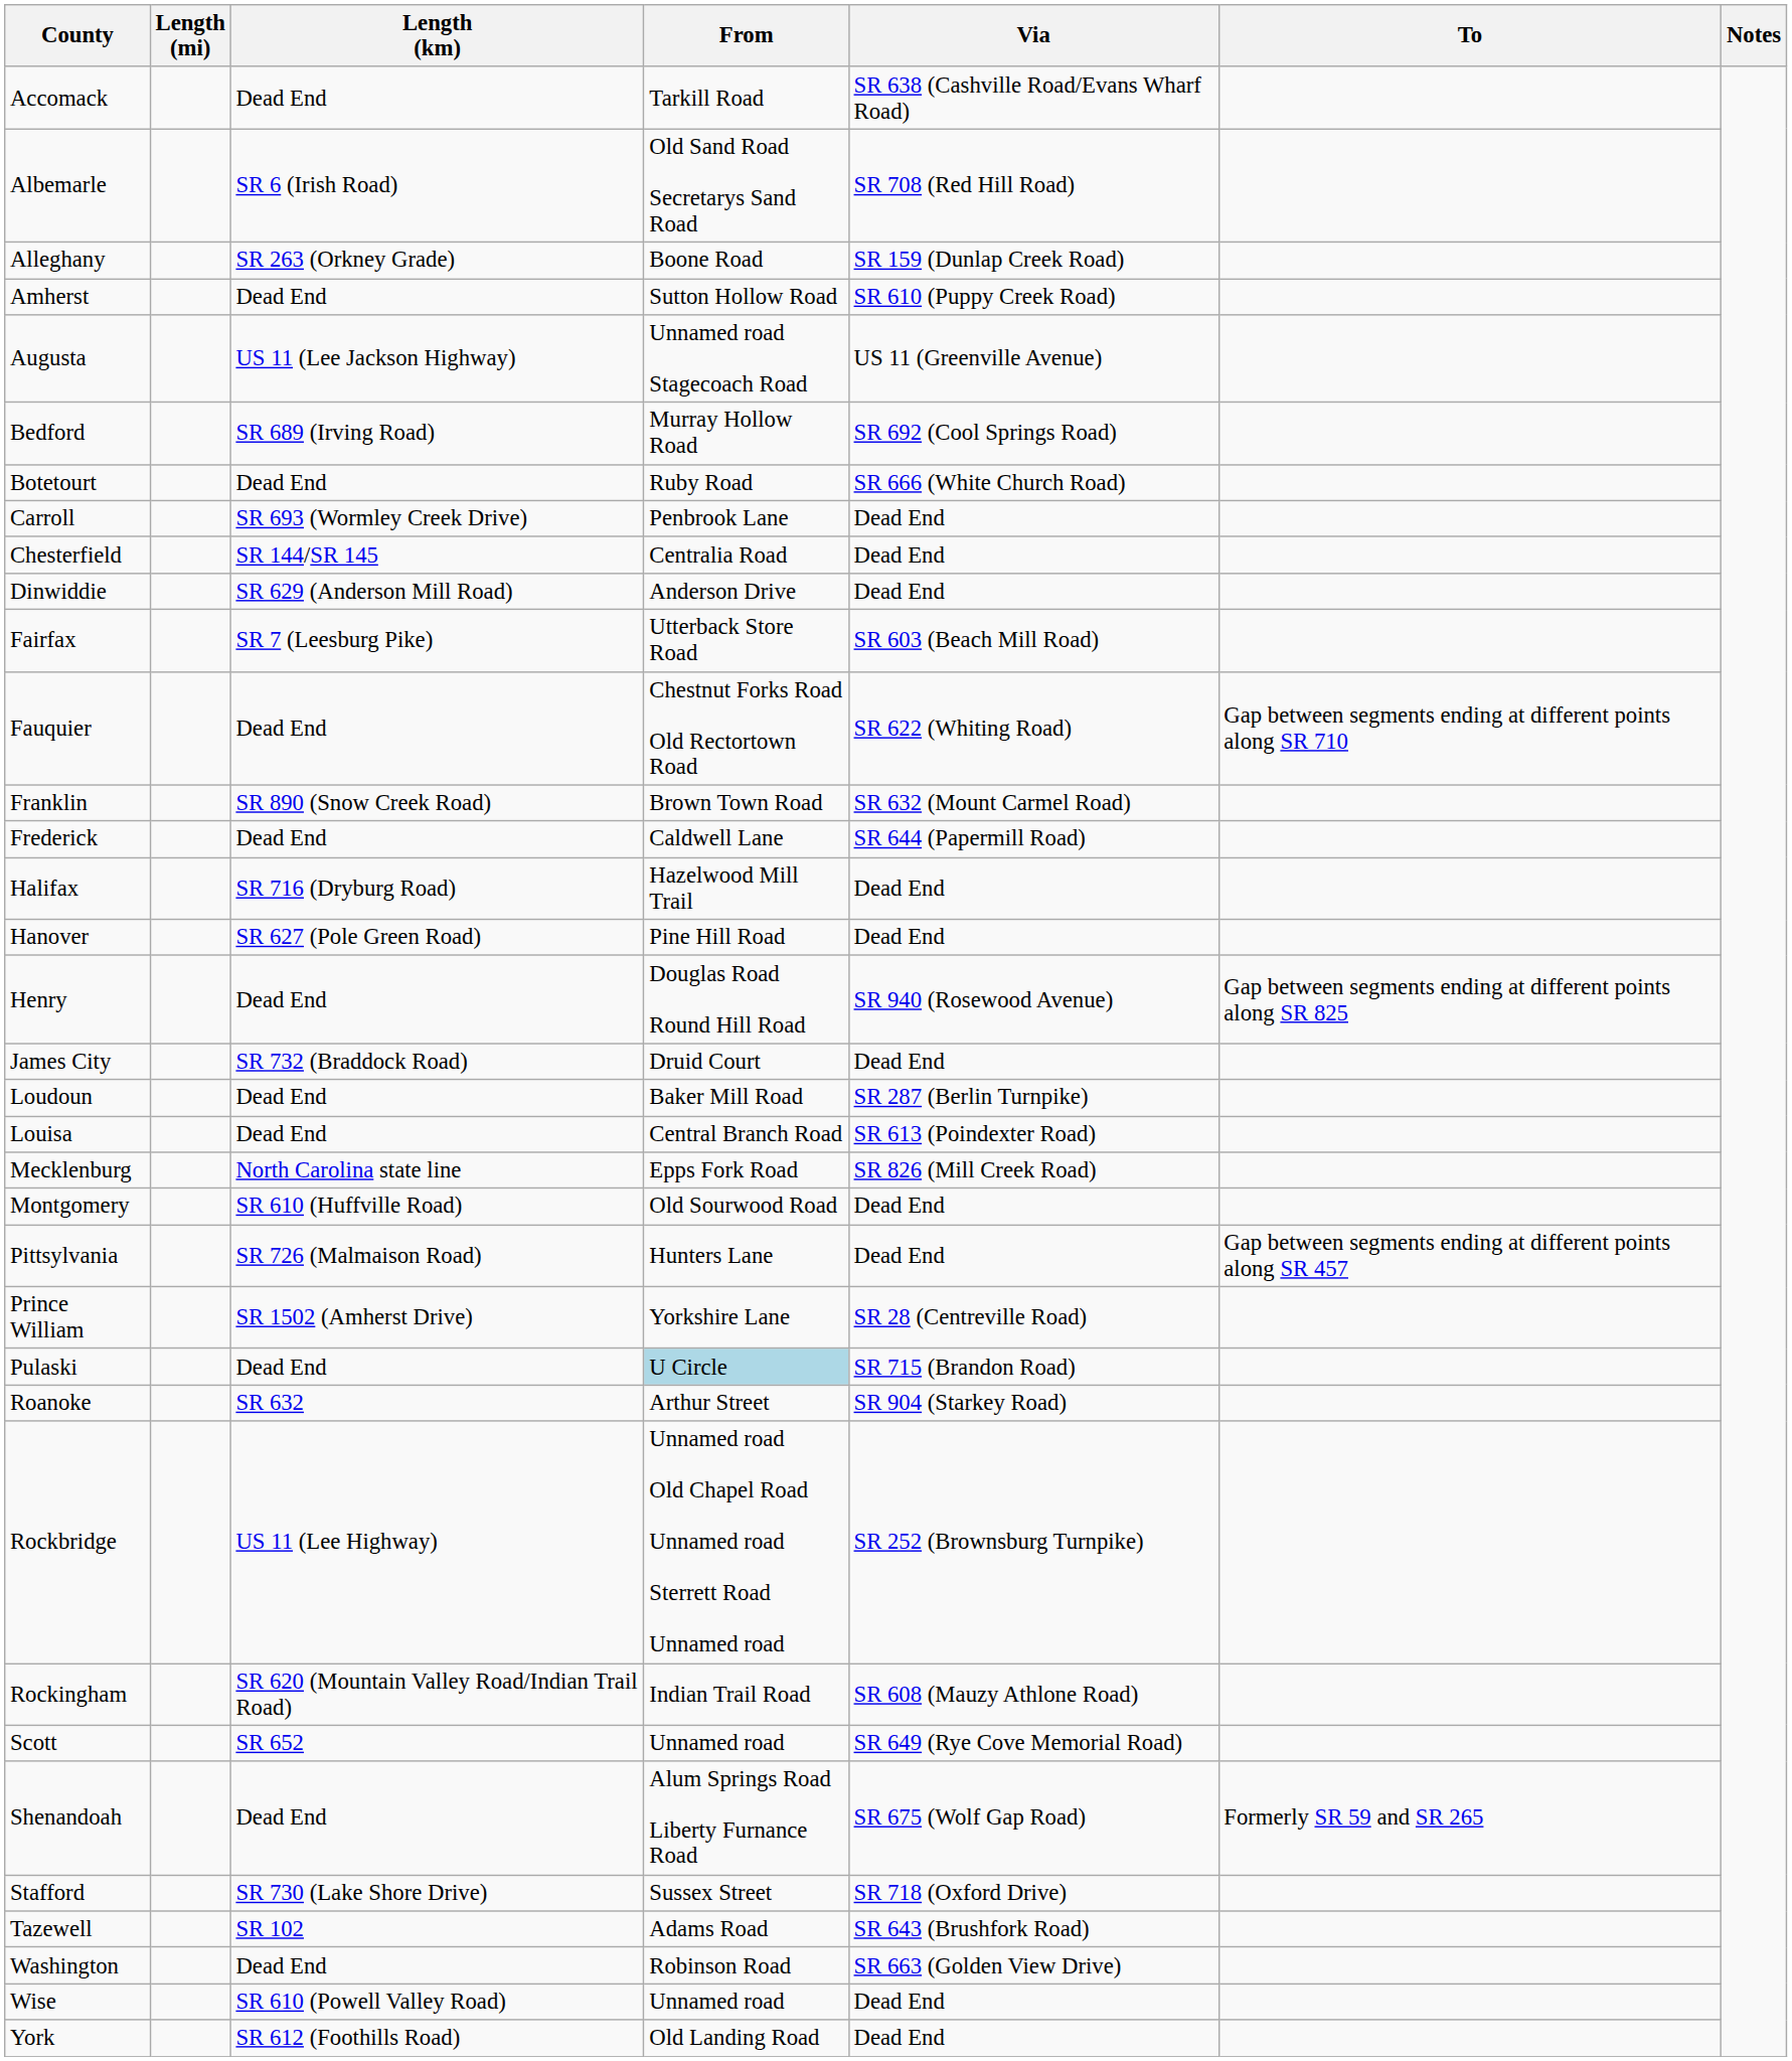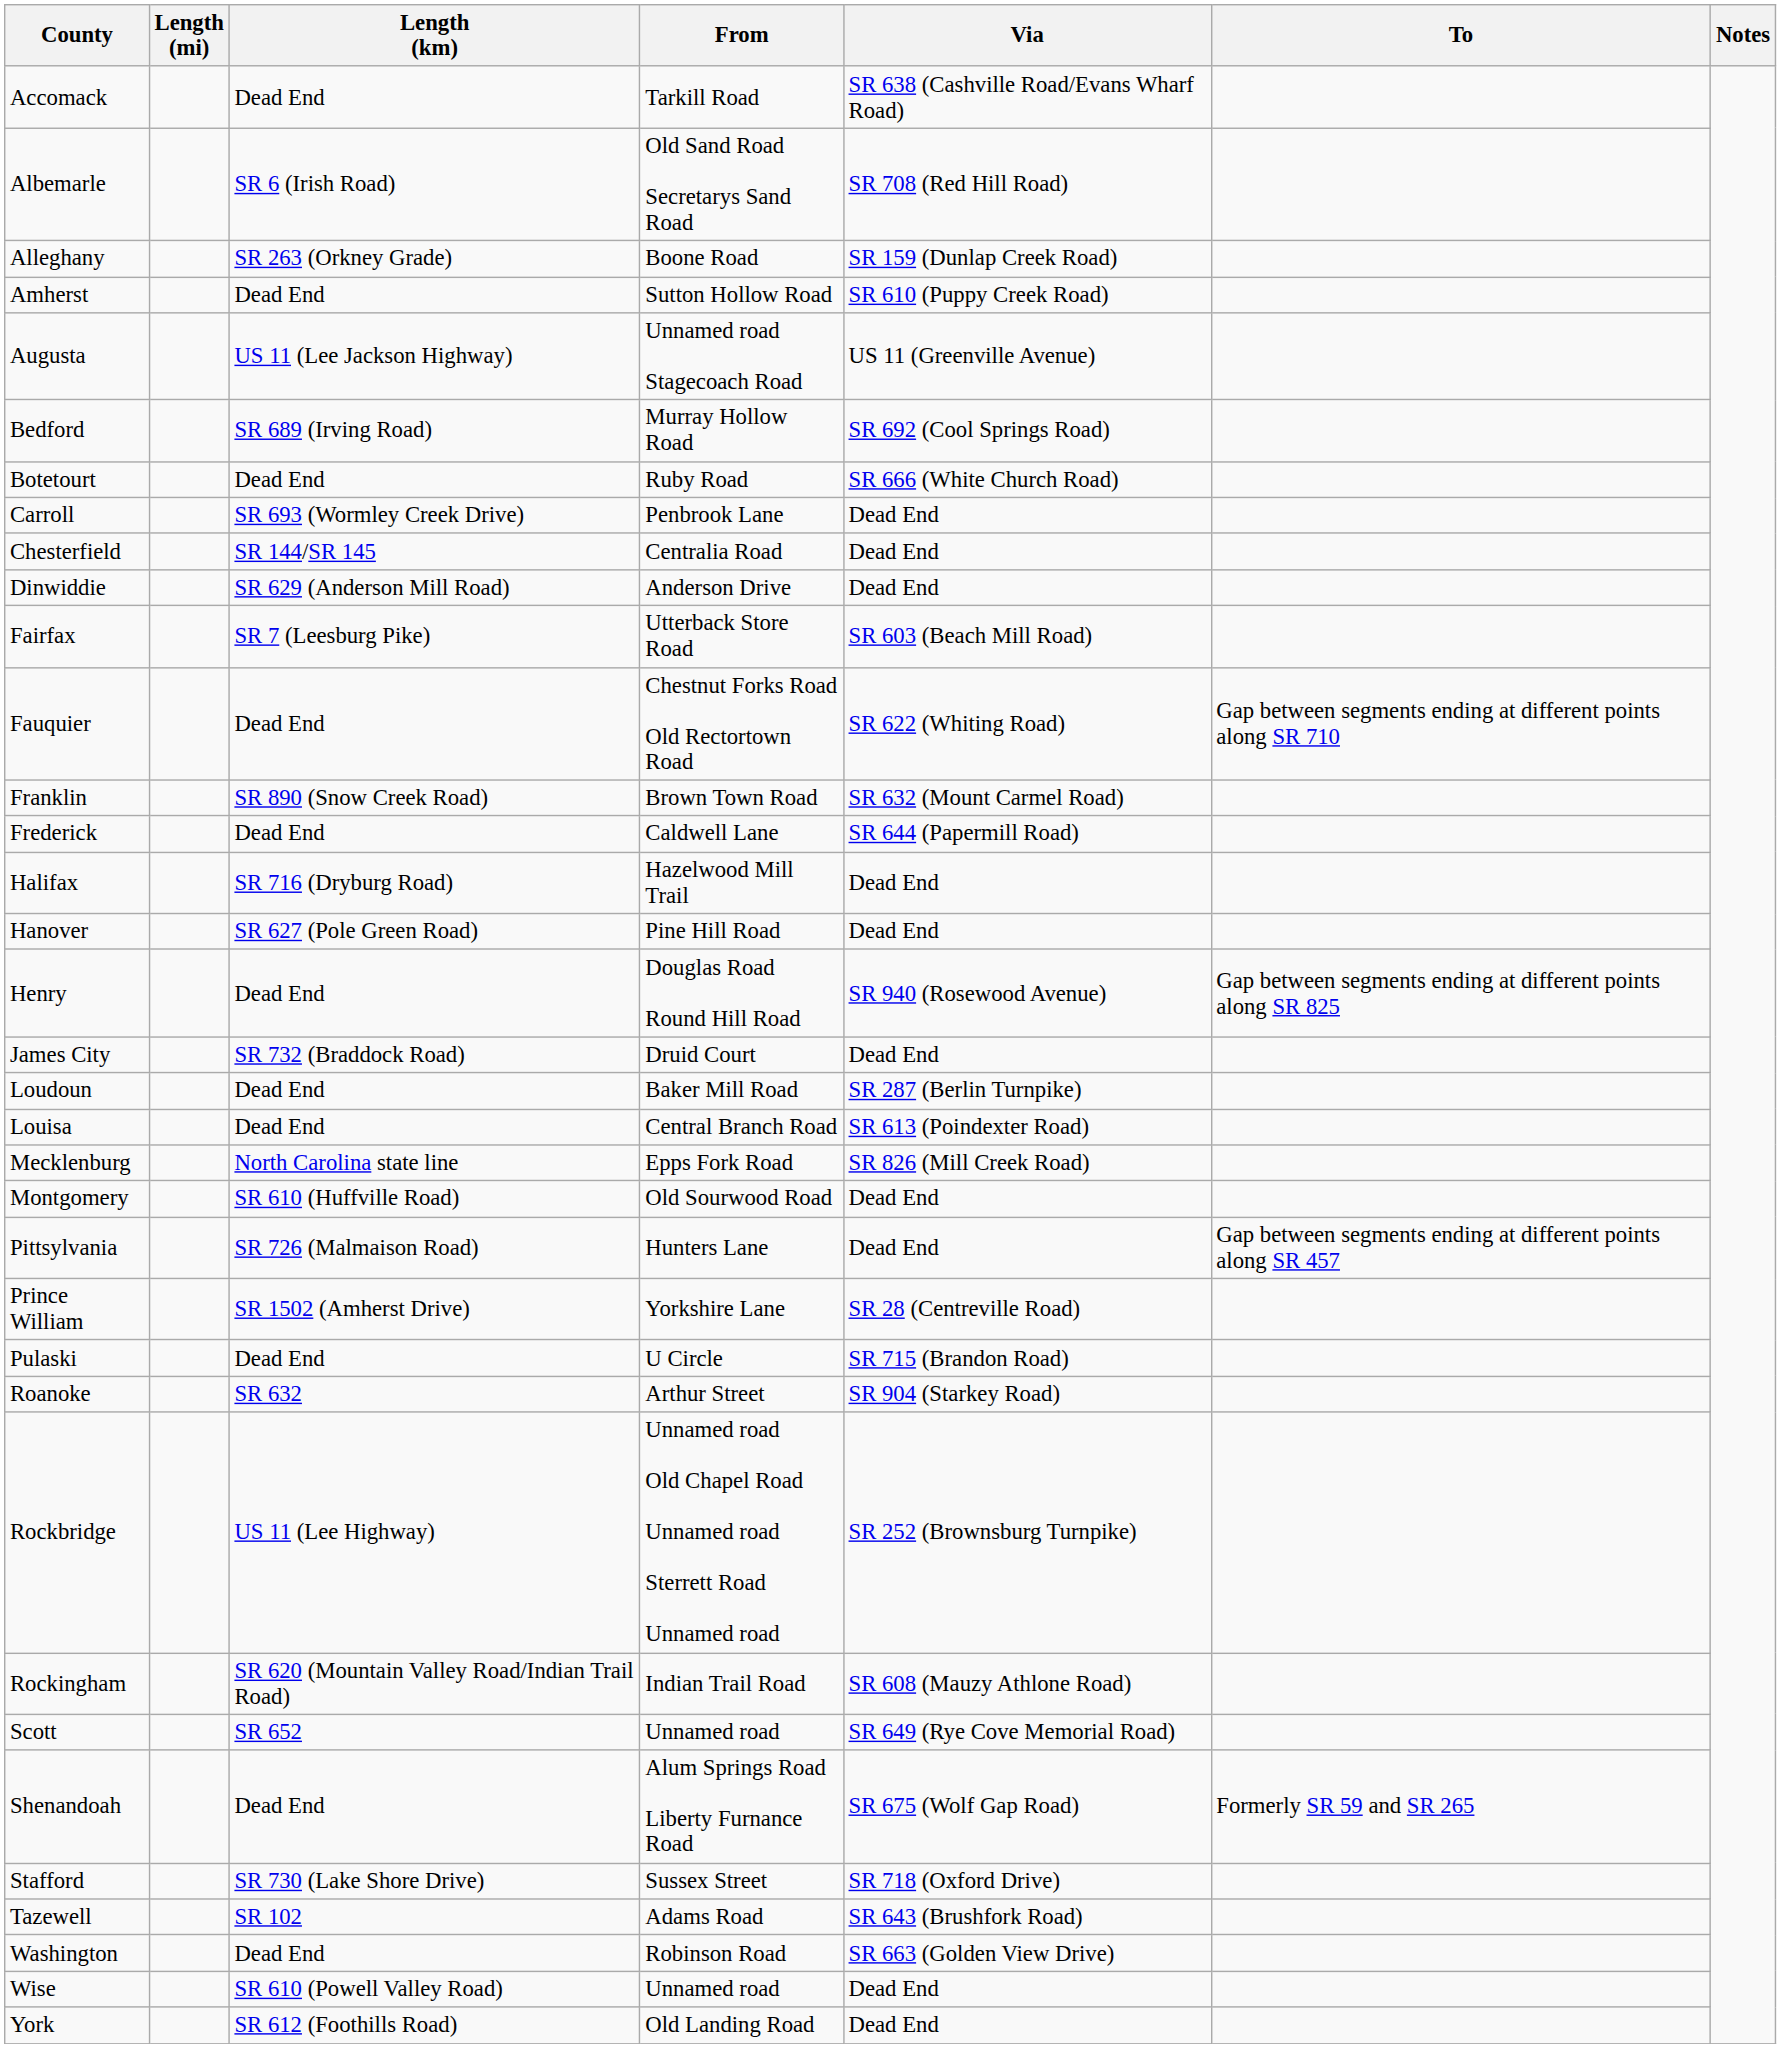 <table class="wikitable sortable">
 <tr>
 <th>County</th>
 <th>Length<br>(mi)</th>
 <th>Length<br>(km)</th>
 <th class="unsortable">From</th>
 <th class="unsortable">Via</th>
 <th class="unsortable">To</th>
 <th class="unsortable">Notes</th>
 </tr>
 <tr>
 <td id="Accomack">Accomack</td>
 <td></td>
 <td>Dead End</td>
 <td>Tarkill Road</td>
 <td><a href='#'>SR 638</a> (Cashville Road/Evans Wharf Road)</td>
 <td></td>
 </tr>
 <tr>
 <td id="Albemarle">Albemarle</td>
 <td></td>
 <td><a href='#'>SR 6</a> (Irish Road)</td>
 <td>Old Sand Road<br><br>Secretarys Sand Road</td>
 <td><a href='#'>SR 708</a> (Red Hill Road)</td>
 <td></td>
 </tr>
 <tr>
 <td id="Alleghany">Alleghany</td>
 <td></td>
 <td><a href='#'>SR 263</a> (Orkney Grade)</td>
 <td>Boone Road</td>
 <td><a href='#'>SR 159</a> (Dunlap Creek Road)</td>
 <td><br></td>
 </tr>
 <tr>
 <td id="Amherst">Amherst</td>
 <td></td>
 <td>Dead End</td>
 <td>Sutton Hollow Road</td>
 <td><a href='#'>SR 610</a> (Puppy Creek Road)</td>
 <td><br> </td>
 </tr>
 <tr>
 <td id="Augusta">Augusta</td>
 <td></td>
 <td><a href='#'>US 11</a> (Lee Jackson Highway)</td>
 <td>Unnamed road<br><br>Stagecoach Road</td>
 <td>US 11 (Greenville Avenue)</td>
 <td><br></td>
 </tr>
 <tr>
 <td id="Bedford">Bedford</td>
 <td></td>
 <td><a href='#'>SR 689</a> (Irving Road)</td>
 <td>Murray Hollow Road</td>
 <td><a href='#'>SR 692</a> (Cool Springs Road)</td>
 <td><br></td>
 </tr>
 <tr>
 <td id="Botetourt">Botetourt</td>
 <td></td>
 <td>Dead End</td>
 <td>Ruby Road</td>
 <td><a href='#'>SR 666</a> (White Church Road)</td>
 <td><br>    </td>
 </tr>
 <tr>
 <td id="Carroll">Carroll</td>
 <td></td>
 <td><a href='#'>SR 693</a> (Wormley Creek Drive)</td>
 <td>Penbrook Lane</td>
 <td>Dead End</td>
 <td><br> </td>
 </tr>
 <tr>
 <td id="Chesterfield">Chesterfield</td>
 <td></td>
 <td><a href='#'>SR 144</a>/<a href='#'>SR 145</a></td>
 <td>Centralia Road</td>
 <td>Dead End</td>
 <td><br>    </td>
 </tr>
 <tr>
 <td id="Dinwiddie">Dinwiddie</td>
 <td></td>
 <td><a href='#'>SR 629</a> (Anderson Mill Road)</td>
 <td>Anderson Drive</td>
 <td>Dead End</td>
 <td><br></td>
 </tr>
 <tr>
 <td id="Fairfax">Fairfax</td>
 <td></td>
 <td><a href='#'>SR 7</a> (Leesburg Pike)</td>
 <td>Utterback Store Road</td>
 <td><a href='#'>SR 603</a> (Beach Mill Road)</td>
 <td></td>
 </tr>
 <tr>
 <td id="Fauquier">Fauquier</td>
 <td></td>
 <td>Dead End</td>
 <td>Chestnut Forks Road<br><br>Old Rectortown Road</td>
 <td><a href='#'>SR 622</a> (Whiting Road)</td>
 <td>Gap between segments ending at different points along <a href='#'>SR 710</a><br> </td>
 </tr>
 <tr>
 <td id="Franklin">Franklin</td>
 <td></td>
 <td><a href='#'>SR 890</a> (Snow Creek Road)</td>
 <td>Brown Town Road</td>
 <td><a href='#'>SR 632</a> (Mount Carmel Road)</td>
 <td></td>
 </tr>
 <tr>
 <td id="Frederick">Frederick</td>
 <td></td>
 <td>Dead End</td>
 <td>Caldwell Lane</td>
 <td><a href='#'>SR 644</a> (Papermill Road)</td>
 <td><br>     </td>
 </tr>
 <tr>
 <td id="Halifax">Halifax</td>
 <td></td>
 <td><a href='#'>SR 716</a> (Dryburg Road)</td>
 <td>Hazelwood Mill Trail</td>
 <td>Dead End</td>
 <td></td>
 </tr>
 <tr>
 <td id="Hanover">Hanover</td>
 <td></td>
 <td><a href='#'>SR 627</a> (Pole Green Road)</td>
 <td>Pine Hill Road</td>
 <td>Dead End</td>
 <td><br></td>
 </tr>
 <tr>
 <td id="Henry">Henry</td>
 <td></td>
 <td>Dead End</td>
 <td>Douglas Road<br><br>Round Hill Road</td>
 <td><a href='#'>SR 940</a> (Rosewood Avenue)</td>
 <td>Gap between segments ending at different points along <a href='#'>SR 825</a><br>  </td>
 </tr>
 <tr>
 <td id="James City">James City</td>
 <td></td>
 <td><a href='#'>SR 732</a> (Braddock Road)</td>
 <td>Druid Court</td>
 <td>Dead End</td>
 <td><br>    </td>
 </tr>
 <tr>
 <td id="Loudoun">Loudoun</td>
 <td></td>
 <td>Dead End</td>
 <td>Baker Mill Road</td>
 <td><a href='#'>SR 287</a> (Berlin Turnpike)</td>
 <td></td>
 </tr>
 <tr>
 <td id="Louisa">Louisa</td>
 <td></td>
 <td>Dead End</td>
 <td>Central Branch Road</td>
 <td><a href='#'>SR 613</a> (Poindexter Road)</td>
 <td><br>  </td>
 </tr>
 <tr>
 <td id="Mecklenburg">Mecklenburg</td>
 <td></td>
 <td><a href='#'>North Carolina</a> state line</td>
 <td>Epps Fork Road</td>
 <td><a href='#'>SR 826</a> (Mill Creek Road)</td>
 <td><br></td>
 </tr>
 <tr>
 <td id="Montgomery">Montgomery</td>
 <td></td>
 <td><a href='#'>SR 610</a> (Huffville Road)</td>
 <td>Old Sourwood Road</td>
 <td>Dead End</td>
 <td><br>       </td>
 </tr>
 <tr>
 <td id="Pittsylvania">Pittsylvania</td>
 <td></td>
 <td><a href='#'>SR 726</a> (Malmaison Road)</td>
 <td>Hunters Lane</td>
 <td>Dead End</td>
 <td>Gap between segments ending at different points along <a href='#'>SR 457</a><br> </td>
 </tr>
 <tr>
 <td id="Prince William">Prince William</td>
 <td></td>
 <td><a href='#'>SR 1502</a> (Amherst Drive)</td>
 <td>Yorkshire Lane</td>
 <td><a href='#'>SR 28</a> (Centreville Road)</td>
 <td></td>
 </tr>
 <tr>
 <td id="Pulaski">Pulaski</td>
 <td></td>
 <td>Dead End</td>
-<td style="background: lightblue;">U Circle</td>
+<td>U Circle</td>
 <td><a href='#'>SR 715</a> (Brandon Road)</td>
 <td><br> </td>
 </tr>
 <tr>
 <td id="Roanoke">Roanoke</td>
 <td></td>
 <td><a href='#'>SR 632</a></td>
 <td>Arthur Street</td>
 <td><a href='#'>SR 904</a> (Starkey Road)</td>
 <td></td>
 </tr>
 <tr>
 <td id="Rockbridge">Rockbridge</td>
 <td></td>
 <td><a href='#'>US 11</a> (Lee Highway)</td>
 <td>Unnamed road<br><br>Old Chapel Road<br><br>Unnamed road<br><br>Sterrett Road<br><br>Unnamed road</td>
 <td><a href='#'>SR 252</a> (Brownsburg Turnpike)</td>
 <td></td>
 </tr>
 <tr>
 <td id="Rockingham">Rockingham</td>
 <td></td>
 <td><a href='#'>SR 620</a> (Mountain Valley Road/Indian Trail Road)</td>
 <td>Indian Trail Road</td>
 <td><a href='#'>SR 608</a> (Mauzy Athlone Road)</td>
 <td><br></td>
 </tr>
 <tr>
 <td id="Scott">Scott</td>
 <td></td>
 <td><a href='#'>SR 652</a></td>
 <td>Unnamed road</td>
 <td><a href='#'>SR 649</a> (Rye Cove Memorial Road)</td>
 <td></td>
 </tr>
 <tr>
 <td id="Shenandoah">Shenandoah</td>
 <td></td>
 <td>Dead End</td>
 <td>Alum Springs Road<br><br>Liberty Furnance Road</td>
 <td><a href='#'>SR 675</a> (Wolf Gap Road)</td>
 <td>Formerly <a href='#'>SR 59</a> and <a href='#'>SR 265</a><br>  </td>
 </tr>
 <tr>
 <td id="Stafford">Stafford</td>
 <td></td>
 <td><a href='#'>SR 730</a> (Lake Shore Drive)</td>
 <td>Sussex Street</td>
 <td><a href='#'>SR 718</a> (Oxford Drive)</td>
 <td><br> </td>
 </tr>
 <tr>
 <td id="Tazewell">Tazewell</td>
 <td></td>
 <td><a href='#'>SR 102</a></td>
 <td>Adams Road</td>
 <td><a href='#'>SR 643</a> (Brushfork Road)</td>
 <td><br></td>
 </tr>
 <tr>
 <td id="Washington">Washington</td>
 <td></td>
 <td>Dead End</td>
 <td>Robinson Road</td>
 <td><a href='#'>SR 663</a> (Golden View Drive)</td>
 <td><br></td>
 </tr>
 <tr>
 <td id="Wise">Wise</td>
 <td></td>
 <td><a href='#'>SR 610</a> (Powell Valley Road)</td>
 <td>Unnamed road</td>
 <td>Dead End</td>
 <td><br></td>
 </tr>
 <tr>
 <td id="York">York</td>
 <td></td>
 <td><a href='#'>SR 612</a> (Foothills Road)</td>
 <td>Old Landing Road</td>
 <td>Dead End</td>
 <td></td>
 </tr>
 </table>
